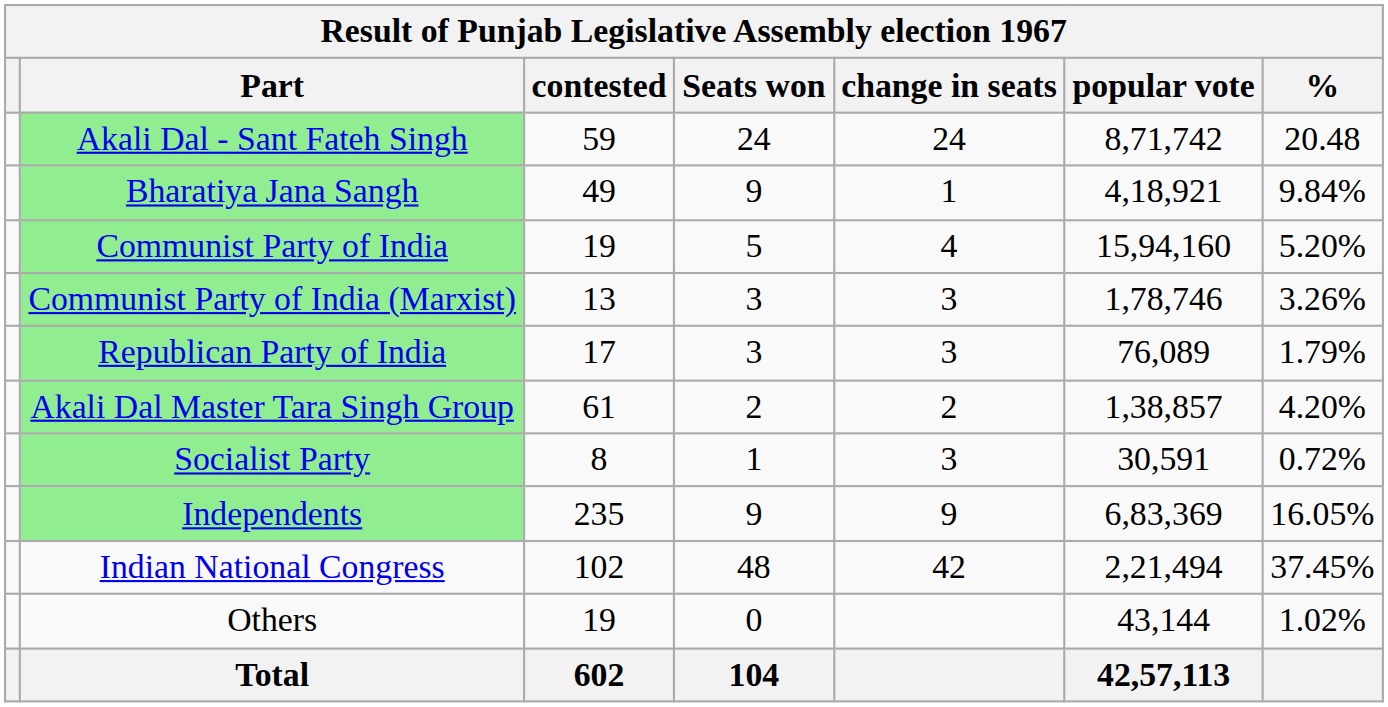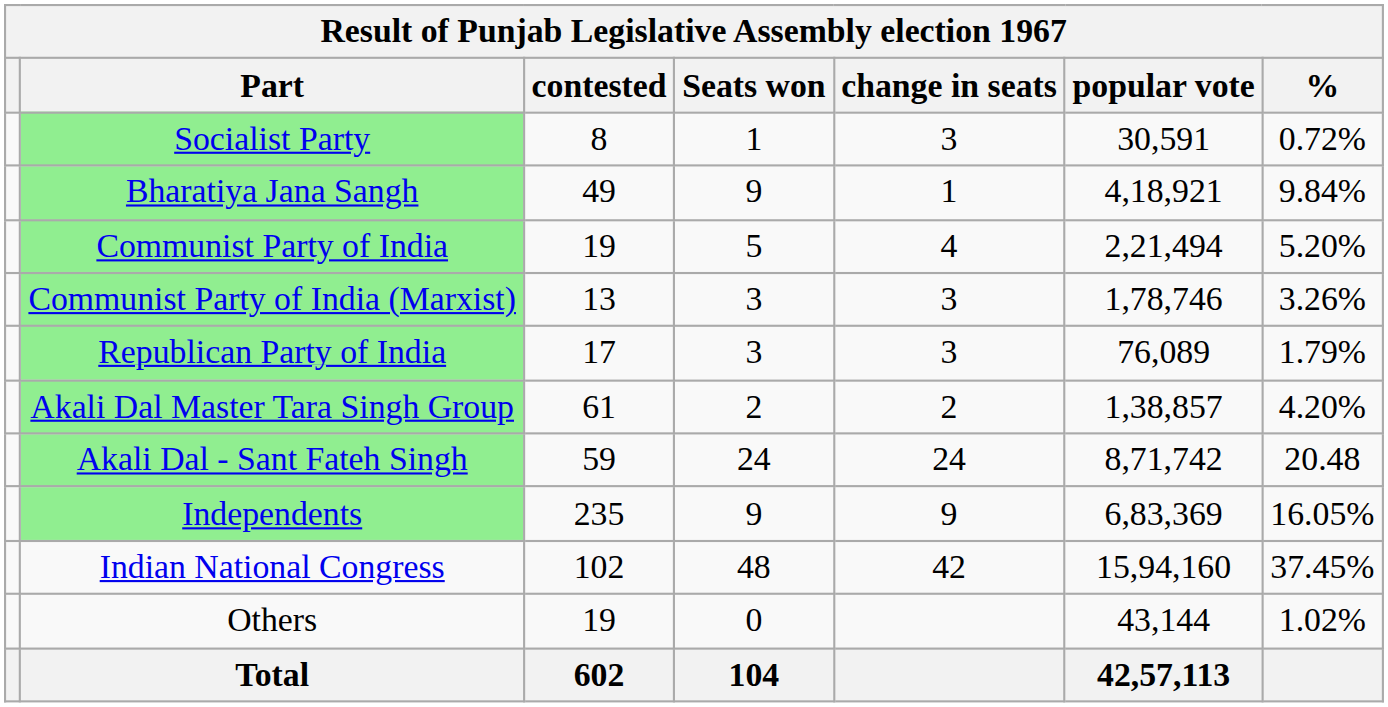 <table class="wikitable" style="text-align:center">
 <tr>
 <th colspan=7>Result of Punjab Legislative Assembly election 1967</th>
 </tr>
 <tr>
 <th></th>
 <th>Part</th>
 <th>contested</th>
 <th>Seats won</th>
 <th>change in seats</th>
 <th>popular vote</th>
 <th>%</th>
 </tr>
 <tr>
 <td></td>
-<td style="background:#90EE90;"><a href='#'>Akali Dal - Sant Fateh Singh</a></td>
-<td>59</td>
-<td>24</td>
-<td> 24</td>
-<td>8,71,742</td>
-<td>20.48</td>
+<td style="background:#90EE90;"><a href='#'>Socialist Party</a></td>
+<td>8</td>
+<td>1</td>
+<td> 3</td>
+<td>30,591</td>
+<td>0.72%</td>
 </tr>
 <tr>
 <td></td>
 <td style="background:#90EE90;"><a href='#'>Bharatiya Jana Sangh</a></td>
 <td>49</td>
 <td>9</td>
 <td> 1</td>
 <td>4,18,921</td>
 <td>9.84%</td>
 </tr>
 <tr>
 <td></td>
 <td style="background:#90EE90;"><a href='#'>Communist Party of India</a></td>
 <td>19</td>
 <td>5</td>
 <td> 4</td>
-<td>15,94,160</td>
+<td>2,21,494</td>
 <td>5.20%</td>
 </tr>
 <tr>
 <td></td>
 <td style="background:#90EE90;"><a href='#'>Communist Party of India (Marxist)</a></td>
 <td>13</td>
 <td>3</td>
 <td> 3</td>
 <td>1,78,746</td>
 <td>3.26%</td>
 </tr>
 <tr>
 <td></td>
 <td style="background:#90EE90;"><a href='#'>Republican Party of India</a></td>
 <td>17</td>
 <td>3</td>
 <td> 3</td>
 <td>76,089</td>
 <td>1.79%</td>
 </tr>
 <tr>
 <td></td>
 <td style="background:#90EE90;"><a href='#'>Akali Dal Master Tara Singh Group</a></td>
 <td>61</td>
 <td>2</td>
 <td> 2</td>
 <td>1,38,857</td>
 <td>4.20%</td>
 </tr>
 <tr>
 <td></td>
-<td style="background:#90EE90;"><a href='#'>Socialist Party</a></td>
-<td>8</td>
-<td>1</td>
-<td> 3</td>
-<td>30,591</td>
-<td>0.72%</td>
+<td style="background:#90EE90;"><a href='#'>Akali Dal - Sant Fateh Singh</a></td>
+<td>59</td>
+<td>24</td>
+<td> 24</td>
+<td>8,71,742</td>
+<td>20.48</td>
 </tr>
 <tr>
 <td></td>
 <td style="background:#90EE90;"><a href='#'>Independents</a></td>
 <td>235</td>
 <td>9</td>
 <td> 9</td>
 <td>6,83,369</td>
 <td>16.05%</td>
 </tr>
 <tr>
 <td></td>
 <td><a href='#'>Indian National Congress</a></td>
 <td>102</td>
 <td>48</td>
 <td> 42</td>
-<td>2,21,494</td>
+<td>15,94,160</td>
 <td>37.45%</td>
 </tr>
 <tr>
 <td></td>
 <td>Others</td>
 <td>19</td>
 <td>0</td>
 <td></td>
 <td>43,144</td>
 <td>1.02%</td>
 </tr>
 <tr>
 <th></th>
 <th>Total</th>
 <th>602</th>
 <th>104</th>
 <th></th>
 <th>42,57,113</th>
 <th></th>
 </tr>
 </table>
